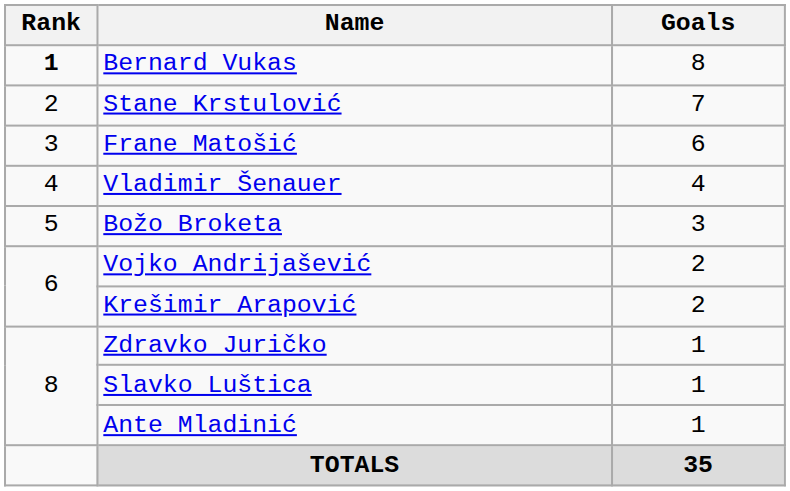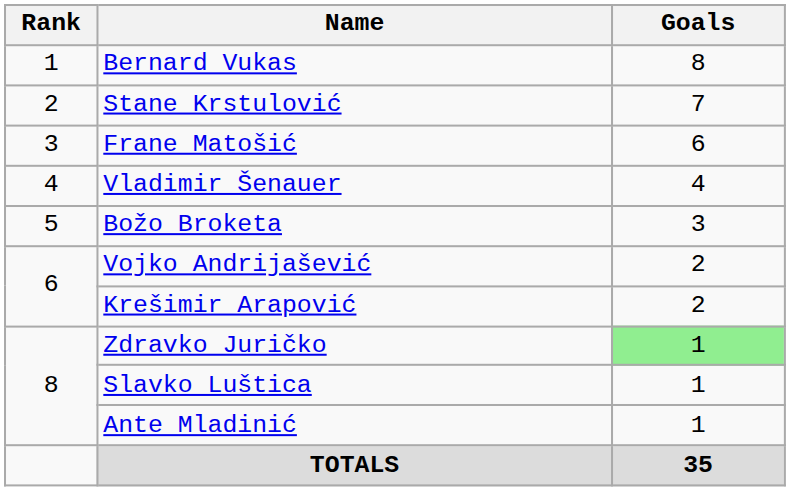 <table class="wikitable" style="font-size: 95%; text-align: center;">
 <tr>
 <th width=40>Rank</th>
 <th width=250>Name</th>
 <th width=80>Goals</th>
 </tr>
 <tr>
-<td rowspan=1><strong>1</strong></td>
+<td rowspan=1>1</td>
 <td style="text-align:left;"> <a href='#'>Bernard Vukas</a></td>
 <td>8</td>
 </tr>
 <tr>
 <td rowspan=1>2</td>
 <td style="text-align:left;"> <a href='#'>Stane Krstulović</a></td>
 <td>7</td>
 </tr>
 <tr>
 <td rowspan=1>3</td>
 <td style="text-align:left;"> <a href='#'>Frane Matošić</a></td>
 <td>6</td>
 </tr>
 <tr>
 <td rowspan=1>4</td>
 <td style="text-align:left;"> <a href='#'>Vladimir Šenauer</a></td>
 <td>4</td>
 </tr>
 <tr>
 <td rowspan=1>5</td>
 <td style="text-align:left;"> <a href='#'>Božo Broketa</a></td>
 <td>3</td>
 </tr>
 <tr>
 <td rowspan=2>6</td>
 <td style="text-align:left;"> <a href='#'>Vojko Andrijašević</a></td>
 <td>2</td>
 </tr>
 <tr>
 <td style="text-align:left;"> <a href='#'>Krešimir Arapović</a></td>
 <td>2</td>
 </tr>
 <tr>
 <td rowspan=3>8</td>
 <td style="text-align:left;"> <a href='#'>Zdravko Juričko</a></td>
-<td>1</td>
+<td style="background: lightgreen;">1</td>
 </tr>
 <tr>
 <td style="text-align:left;"> <a href='#'>Slavko Luštica</a></td>
 <td>1</td>
 </tr>
 <tr>
 <td style="text-align:left;"> <a href='#'>Ante Mladinić</a></td>
 <td>1</td>
 </tr>
 <tr>
 <td></td>
 <th style="background: #DCDCDC">TOTALS</th>
 <th style="background: #DCDCDC">35</th>
 </tr>
 </table>
